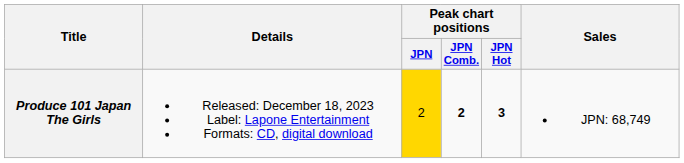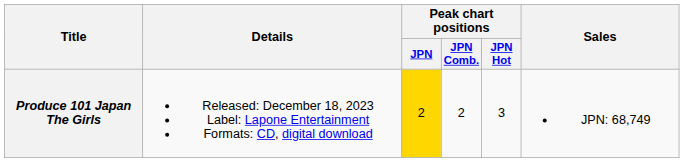 <table class="wikitable plainrowheaders" style="text-align:center">
 <tr>
 <th scope="col" rowspan="2" style="width:10.5em">Title</th>
 <th scope="col" rowspan="2" style="width:20em">Details</th>
 <th scope="col" colspan="3">Peak chart positions</th>
 <th scope="col" rowspan="2" style="width:12em">Sales</th>
 </tr>
 <tr>
 <th scope="col" style="width:3em;font-size:90%;"><a href='#'>JPN</a><br></th>
 <th scope="col" style="width:3em;font-size:90%;"><a href='#'>JPN<br>Comb.</a><br></th>
 <th scope="col" style="font-size:90%; width:3em"><a href='#'>JPN<br>Hot</a><br></th>
 </tr>
 <tr>
 <th scope="row"><em>Produce 101 Japan The Girls</em></th>
 <td><br><ul><li>Released: December 18, 2023</li><li>Label: <a href='#'>Lapone Entertainment</a></li><li>Formats: <a href='#'>CD</a>, <a href='#'>digital download</a></li></ul></td>
 <td style="background: gold;">2</td>
-<td><strong>2</strong></td>
-<td><strong>3</strong></td>
+<td>2</td>
+<td>3</td>
 <td><br><ul><li>JPN: 68,749</li></ul></td>
 </tr>
 </table>
